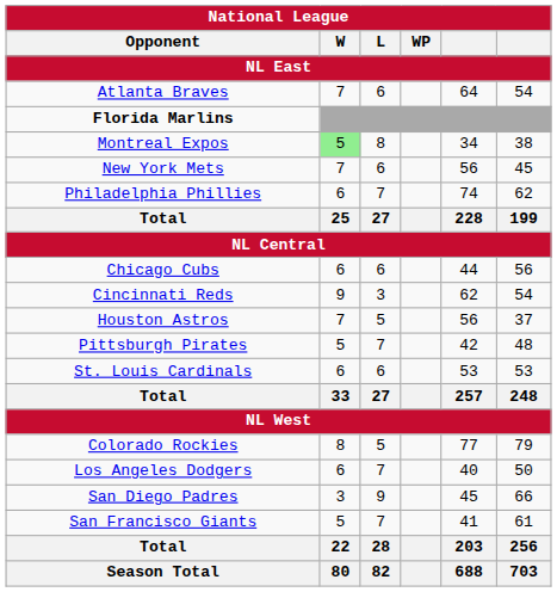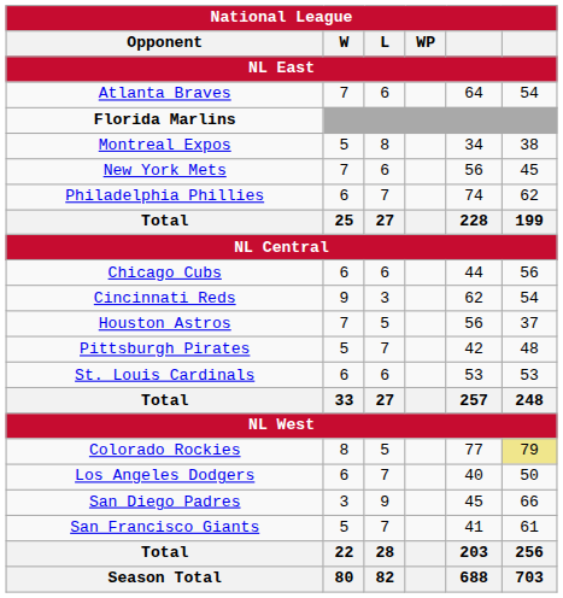 <table class="wikitable" style="font-size:95%; text-align:center; width:35em;margin: 0.5em auto;">
 <tr>
 <th colspan="7" style="background:#c60c30; color:#ffffff;">National League</th>
 </tr>
 <tr>
 <th>Opponent</th>
 <th>W</th>
 <th>L</th>
 <th>WP</th>
 <th></th>
 <th></th>
 </tr>
 <tr>
 <th colspan="7" style="background:#c60c30; color:#ffffff;">NL East</th>
 </tr>
 <tr>
 <td><a href='#'>Atlanta Braves</a></td>
 <td>7</td>
 <td>6</td>
 <td></td>
 <td>64</td>
 <td>54</td>
 </tr>
 <tr>
 <td><strong>Florida Marlins</strong></td>
 <td colspan=5 style="background:darkgray;"></td>
 </tr>
 <tr>
 <td><a href='#'>Montreal Expos</a></td>
-<td style="background: lightgreen;">5</td>
+<td>5</td>
 <td>8</td>
 <td></td>
 <td>34</td>
 <td>38</td>
 </tr>
 <tr>
 <td><a href='#'>New York Mets</a></td>
 <td>7</td>
 <td>6</td>
 <td></td>
 <td>56</td>
 <td>45</td>
 </tr>
 <tr>
 <td><a href='#'>Philadelphia Phillies</a></td>
 <td>6</td>
 <td>7</td>
 <td></td>
 <td>74</td>
 <td>62</td>
 </tr>
 <tr>
 <th>Total</th>
 <th>25</th>
 <th>27</th>
 <th></th>
 <th>228</th>
 <th>199</th>
 </tr>
 <tr>
 <th colspan="7" style="background:#c60c30; color:#ffffff;">NL Central</th>
 </tr>
 <tr>
 <td><a href='#'>Chicago Cubs</a></td>
 <td>6</td>
 <td>6</td>
 <td></td>
 <td>44</td>
 <td>56</td>
 </tr>
 <tr>
 <td><a href='#'>Cincinnati Reds</a></td>
 <td>9</td>
 <td>3</td>
 <td></td>
 <td>62</td>
 <td>54</td>
 </tr>
 <tr>
 <td><a href='#'>Houston Astros</a></td>
 <td>7</td>
 <td>5</td>
 <td></td>
 <td>56</td>
 <td>37</td>
 </tr>
 <tr>
 <td><a href='#'>Pittsburgh Pirates</a></td>
 <td>5</td>
 <td>7</td>
 <td></td>
 <td>42</td>
 <td>48</td>
 </tr>
 <tr>
 <td><a href='#'>St. Louis Cardinals</a></td>
 <td>6</td>
 <td>6</td>
 <td></td>
 <td>53</td>
 <td>53</td>
 </tr>
 <tr>
 <th>Total</th>
 <th>33</th>
 <th>27</th>
 <th></th>
 <th>257</th>
 <th>248</th>
 </tr>
 <tr>
 <th colspan="7" style="background:#c60c30; color:#ffffff;">NL West</th>
 </tr>
 <tr>
 <td><a href='#'>Colorado Rockies</a></td>
 <td>8</td>
 <td>5</td>
 <td></td>
 <td>77</td>
-<td>79</td>
+<td style="background: khaki;">79</td>
 </tr>
 <tr>
 <td><a href='#'>Los Angeles Dodgers</a></td>
 <td>6</td>
 <td>7</td>
 <td></td>
 <td>40</td>
 <td>50</td>
 </tr>
 <tr>
 <td><a href='#'>San Diego Padres</a></td>
 <td>3</td>
 <td>9</td>
 <td></td>
 <td>45</td>
 <td>66</td>
 </tr>
 <tr>
 <td><a href='#'>San Francisco Giants</a></td>
 <td>5</td>
 <td>7</td>
 <td></td>
 <td>41</td>
 <td>61</td>
 </tr>
 <tr>
 <th>Total</th>
 <th>22</th>
 <th>28</th>
 <th></th>
 <th>203</th>
 <th>256</th>
 </tr>
 <tr>
 <th>Season Total</th>
 <th>80</th>
 <th>82</th>
 <th></th>
 <th>688</th>
 <th>703</th>
 </tr>
 </table>
